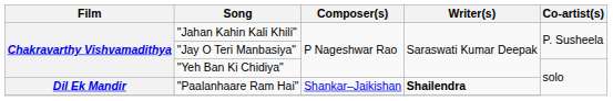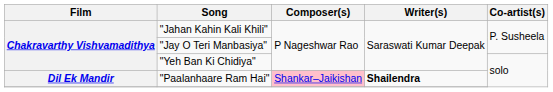 <table class="wikitable sortable">
 <tr>
 <th>Film</th>
 <th>Song</th>
 <th>Composer(s)</th>
 <th>Writer(s)</th>
 <th>Co-artist(s)</th>
 </tr>
 <tr>
 <th rowspan="3"><a href='#'><em>Chakravarthy Vishvamadithya</em></a></th>
 <td>"Jahan Kahin Kali Khili"</td>
 <td rowspan="3">P Nageshwar Rao</td>
 <td rowspan=3>Saraswati Kumar Deepak</td>
 <td rowspan=2>P. Susheela</td>
 </tr>
 <tr>
 <td>"Jay O Teri Manbasiya"</td>
 </tr>
 <tr>
 <td>"Yeh Ban Ki Chidiya"</td>
 <td rowspan=3>solo</td>
 </tr>
 <tr>
 <th><em><a href='#'>Dil Ek Mandir</a></em></th>
 <td>"Paalanhaare Ram Hai"</td>
-<td><a href='#'>Shankar–Jaikishan</a></td>
+<td style="background: pink;"><a href='#'>Shankar–Jaikishan</a></td>
 <td><strong>Shailendra</strong></td>
 </tr>
 <tr>
 </tr>
 </table>
